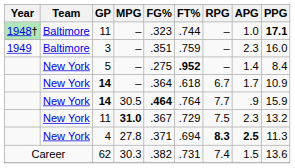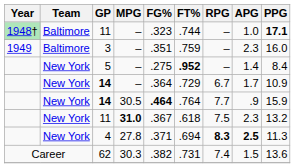 <table class="wikitable sortable" style="font-size:95%; text-align:right;">
 <tr>
 <th>Year</th>
 <th>Team</th>
 <th>GP</th>
 <th>MPG</th>
 <th>FG%</th>
 <th>FT%</th>
 <th>RPG</th>
 <th>APG</th>
 <th>PPG</th>
 </tr>
 <tr>
 <td style="text-align:left; background:#afe6ba;"><a href='#'>1948</a>†</td>
 <td style="text-align:left;"><a href='#'>Baltimore</a></td>
 <td>11</td>
 <td>–</td>
 <td>.323</td>
 <td>.744</td>
 <td>–</td>
 <td>1.0</td>
 <td><strong>17.1</strong></td>
 </tr>
 <tr>
 <td style="text-align:left;"><a href='#'>1949</a></td>
 <td style="text-align:left;"><a href='#'>Baltimore</a></td>
 <td>3</td>
 <td>–</td>
 <td>.351</td>
 <td>.759</td>
 <td>–</td>
 <td>2.3</td>
 <td>16.0</td>
 </tr>
 <tr>
 <td style="text-align:left;"></td>
 <td style="text-align:left;"><a href='#'>New York</a></td>
 <td>5</td>
 <td>–</td>
 <td>.275</td>
 <td><strong>.952</strong></td>
 <td>–</td>
 <td>1.4</td>
 <td>8.4</td>
 </tr>
 <tr>
 <td style="text-align:left;"></td>
 <td style="text-align:left;"><a href='#'>New York</a></td>
 <td><strong>14</strong></td>
 <td>–</td>
 <td>.364</td>
-<td>.618</td>
+<td>.729</td>
 <td>6.7</td>
 <td>1.7</td>
 <td>10.9</td>
 </tr>
 <tr>
 <td style="text-align:left;"></td>
 <td style="text-align:left;"><a href='#'>New York</a></td>
 <td><strong>14</strong></td>
 <td>30.5</td>
 <td><strong>.464</strong></td>
 <td>.764</td>
 <td>7.7</td>
 <td>.9</td>
 <td>15.9</td>
 </tr>
 <tr>
 <td style="text-align:left;"></td>
 <td style="text-align:left;"><a href='#'>New York</a></td>
 <td>11</td>
 <td><strong>31.0</strong></td>
 <td>.367</td>
-<td>.729</td>
+<td>.618</td>
 <td>7.5</td>
 <td>2.3</td>
 <td>13.2</td>
 </tr>
 <tr>
 <td style="text-align:left;"></td>
 <td style="text-align:left;"><a href='#'>New York</a></td>
 <td>4</td>
 <td>27.8</td>
 <td>.371</td>
 <td>.694</td>
 <td><strong>8.3</strong></td>
 <td><strong>2.5</strong></td>
 <td>11.3</td>
 </tr>
 <tr>
 <td style="text-align:center;" colspan="2">Career</td>
 <td>62</td>
 <td>30.3</td>
 <td>.382</td>
 <td>.731</td>
 <td>7.4</td>
 <td>1.5</td>
 <td>13.6</td>
 </tr>
 <tr>
 </tr>
 </table>
